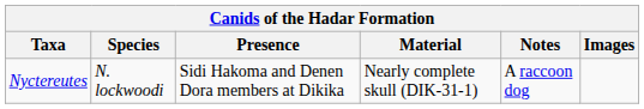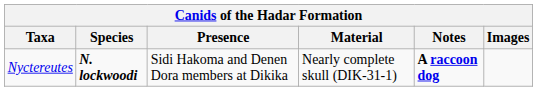 <table class="wikitable" align="center">
 <tr>
 <th colspan="6" align="center"><strong><a href='#'>Canids</a></strong> of the Hadar Formation</th>
 </tr>
 <tr>
 <th>Taxa</th>
 <th>Species</th>
 <th>Presence</th>
 <th>Material</th>
 <th>Notes</th>
 <th>Images</th>
 </tr>
 <tr>
 <td><em><a href='#'>Nyctereutes</a></em></td>
-<td><em>N. lockwoodi</em></td>
+<td><strong><em>N. lockwoodi</em></strong></td>
 <td>Sidi Hakoma and Denen Dora members at Dikika</td>
 <td>Nearly complete skull (DIK-31-1)</td>
-<td>A <a href='#'>raccoon dog</a></td>
+<td><strong>A <a href='#'>raccoon dog</a></strong></td>
 <td></td>
 </tr>
 </table>
